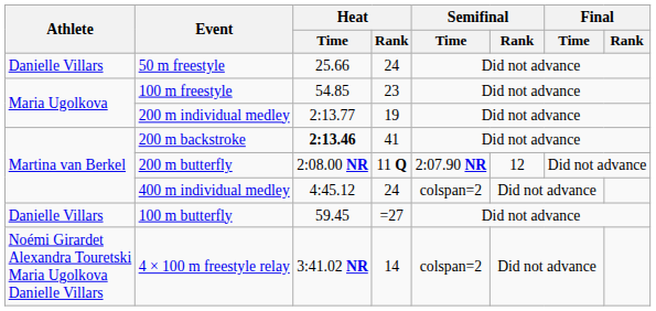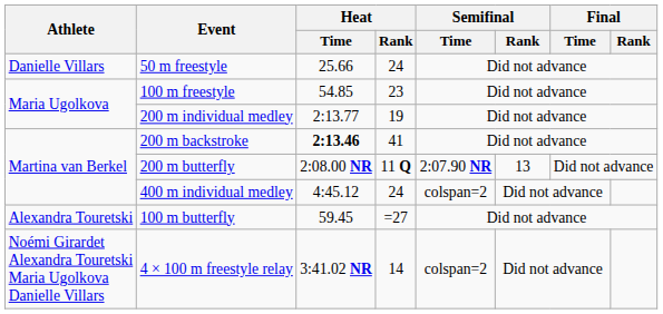 <table class=wikitable style="font-size:90%">
 <tr>
 <th rowspan="2">Athlete</th>
 <th rowspan="2">Event</th>
 <th colspan="2">Heat</th>
 <th colspan="2">Semifinal</th>
 <th colspan="2">Final</th>
 </tr>
 <tr style="font-size:95%">
 <th>Time</th>
 <th>Rank</th>
 <th>Time</th>
 <th>Rank</th>
 <th>Time</th>
 <th>Rank</th>
 </tr>
 <tr align=center>
 <td align=left><a href='#'>Danielle Villars</a></td>
 <td align=left><a href='#'>50 m freestyle</a></td>
 <td>25.66</td>
 <td>24</td>
 <td colspan=4>Did not advance</td>
 </tr>
 <tr align=center>
 <td align=left rowspan=2><a href='#'>Maria Ugolkova</a></td>
 <td align=left><a href='#'>100 m freestyle</a></td>
 <td>54.85</td>
 <td>23</td>
 <td colspan=4>Did not advance</td>
 </tr>
 <tr align=center>
 <td align=left><a href='#'>200 m individual medley</a></td>
 <td>2:13.77</td>
 <td>19</td>
 <td colspan=4>Did not advance</td>
 </tr>
 <tr align=center>
 <td align=left rowspan=3><a href='#'>Martina van Berkel</a></td>
 <td align=left><a href='#'>200 m backstroke</a></td>
 <td><strong>2:13.46</strong></td>
 <td>41</td>
 <td colspan=4>Did not advance</td>
 </tr>
 <tr align=center>
 <td align=left><a href='#'>200 m butterfly</a></td>
 <td>2:08.00 <strong><a href='#'>NR</a></strong></td>
 <td>11 <strong>Q</strong></td>
 <td>2:07.90 <strong><a href='#'>NR</a></strong></td>
-<td>12</td>
+<td>13</td>
 <td colspan=2>Did not advance</td>
 </tr>
 <tr align=center>
 <td align=left><a href='#'>400 m individual medley</a></td>
 <td>4:45.12</td>
 <td>24</td>
 <td>colspan=2 </td>
 <td colspan=2>Did not advance</td>
 </tr>
 <tr align=center>
-<td align=left><a href='#'>Danielle Villars</a></td>
+<td align=left><a href='#'>Alexandra Touretski</a></td>
 <td align=left><a href='#'>100 m butterfly</a></td>
 <td>59.45</td>
 <td>=27</td>
 <td colspan=4>Did not advance</td>
 </tr>
 <tr align=center>
 <td align=left><a href='#'>Noémi Girardet</a><br><a href='#'>Alexandra Touretski</a><br><a href='#'>Maria Ugolkova</a><br><a href='#'>Danielle Villars</a></td>
 <td align=left><a href='#'>4 × 100 m freestyle relay</a></td>
 <td>3:41.02 <strong><a href='#'>NR</a></strong></td>
 <td>14</td>
 <td>colspan=2 </td>
 <td colspan=2>Did not advance</td>
 </tr>
 </table>
